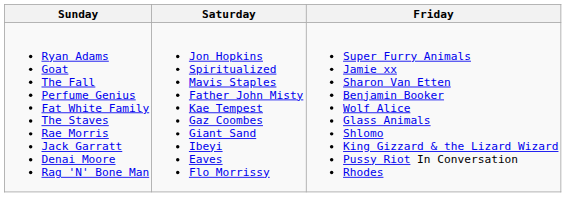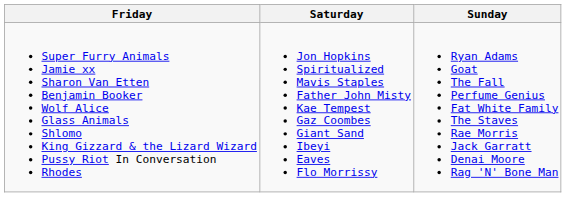 <table class="wikitable">
 <tr>
+<th>Friday</th>
+<th>Saturday</th>
 <th>Sunday</th>
-<th>Saturday</th>
-<th>Friday</th>
 </tr>
 <tr valign="top">
+<td><br><ul><li><a href='#'>Super Furry Animals</a></li><li><a href='#'>Jamie xx</a></li><li><a href='#'>Sharon Van Etten</a></li><li><a href='#'>Benjamin Booker</a></li><li><a href='#'>Wolf Alice</a></li><li><a href='#'>Glass Animals</a></li><li><a href='#'>Shlomo</a></li><li><a href='#'>King Gizzard & the Lizard Wizard</a></li><li><a href='#'>Pussy Riot</a> In Conversation</li><li><a href='#'>Rhodes</a></li></ul></td>
+<td><br><ul><li><a href='#'>Jon Hopkins</a></li><li><a href='#'>Spiritualized</a></li><li><a href='#'>Mavis Staples</a></li><li><a href='#'>Father John Misty</a></li><li><a href='#'>Kae Tempest</a></li><li><a href='#'>Gaz Coombes</a></li><li><a href='#'>Giant Sand</a></li><li><a href='#'>Ibeyi</a></li><li><a href='#'>Eaves</a></li><li><a href='#'>Flo Morrissy</a></li></ul></td>
 <td><br><ul><li><a href='#'>Ryan Adams</a></li><li><a href='#'>Goat</a></li><li><a href='#'>The Fall</a></li><li><a href='#'>Perfume Genius</a></li><li><a href='#'>Fat White Family</a></li><li><a href='#'>The Staves</a></li><li><a href='#'>Rae Morris</a></li><li><a href='#'>Jack Garratt</a></li><li><a href='#'>Denai Moore</a></li><li><a href='#'>Rag 'N' Bone Man</a></li></ul></td>
-<td><br><ul><li><a href='#'>Jon Hopkins</a></li><li><a href='#'>Spiritualized</a></li><li><a href='#'>Mavis Staples</a></li><li><a href='#'>Father John Misty</a></li><li><a href='#'>Kae Tempest</a></li><li><a href='#'>Gaz Coombes</a></li><li><a href='#'>Giant Sand</a></li><li><a href='#'>Ibeyi</a></li><li><a href='#'>Eaves</a></li><li><a href='#'>Flo Morrissy</a></li></ul></td>
-<td><br><ul><li><a href='#'>Super Furry Animals</a></li><li><a href='#'>Jamie xx</a></li><li><a href='#'>Sharon Van Etten</a></li><li><a href='#'>Benjamin Booker</a></li><li><a href='#'>Wolf Alice</a></li><li><a href='#'>Glass Animals</a></li><li><a href='#'>Shlomo</a></li><li><a href='#'>King Gizzard & the Lizard Wizard</a></li><li><a href='#'>Pussy Riot</a> In Conversation</li><li><a href='#'>Rhodes</a></li></ul></td>
 </tr>
 </table>
